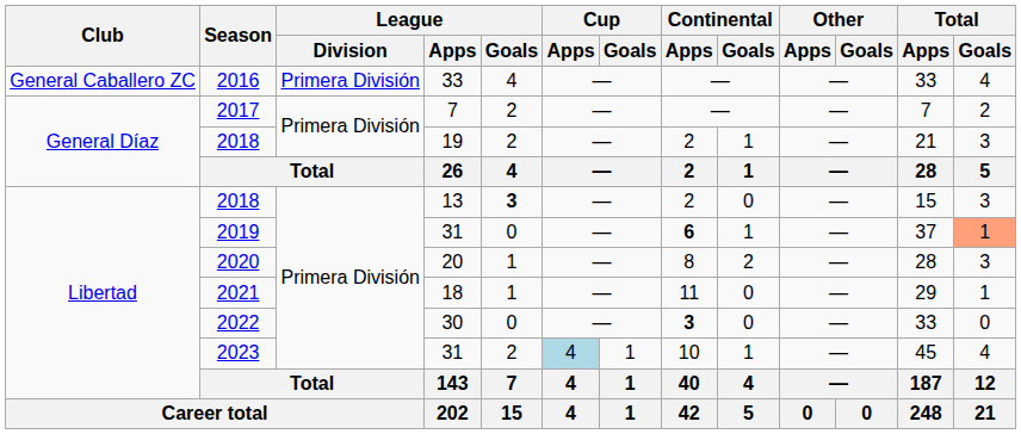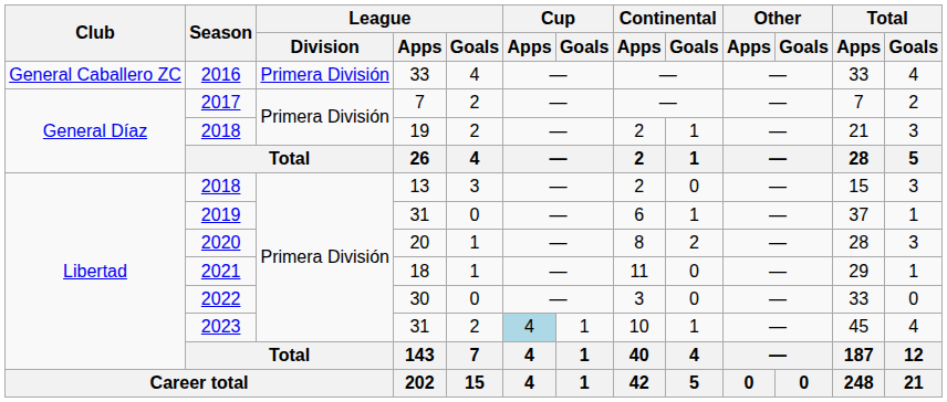 <table class="wikitable" style="text-align: center;">
 <tr>
 <th rowspan="2">Club</th>
 <th rowspan="2">Season</th>
 <th colspan="3">League</th>
 <th colspan="2">Cup</th>
 <th colspan="2">Continental</th>
 <th colspan="2">Other</th>
 <th colspan="2">Total</th>
 </tr>
 <tr>
 <th>Division</th>
 <th>Apps</th>
 <th>Goals</th>
 <th>Apps</th>
 <th>Goals</th>
 <th>Apps</th>
 <th>Goals</th>
 <th>Apps</th>
 <th>Goals</th>
 <th>Apps</th>
 <th>Goals</th>
 </tr>
 <tr>
 <td><a href='#'>General Caballero ZC</a></td>
 <td><a href='#'>2016</a></td>
 <td><a href='#'>Primera División</a></td>
 <td>33</td>
 <td>4</td>
 <td colspan="2">—</td>
 <td colspan="2">—</td>
 <td colspan="2">—</td>
 <td>33</td>
 <td>4</td>
 </tr>
 <tr>
 <td rowspan="3"><a href='#'>General Díaz</a></td>
 <td><a href='#'>2017</a></td>
 <td rowspan="2">Primera División</td>
 <td>7</td>
 <td>2</td>
 <td colspan="2">—</td>
 <td colspan="2">—</td>
 <td colspan="2">—</td>
 <td>7</td>
 <td>2</td>
 </tr>
 <tr>
 <td><a href='#'>2018</a></td>
 <td>19</td>
 <td>2</td>
 <td colspan="2">—</td>
 <td>2</td>
 <td>1</td>
 <td colspan="2">—</td>
 <td>21</td>
 <td>3</td>
 </tr>
 <tr>
 <th colspan="2">Total</th>
 <th>26</th>
 <th>4</th>
 <th colspan="2">—</th>
 <th>2</th>
 <th>1</th>
 <th colspan="2">—</th>
 <th>28</th>
 <th>5</th>
 </tr>
 <tr>
 <td rowspan="7"><a href='#'>Libertad</a></td>
 <td><a href='#'>2018</a></td>
 <td rowspan="6">Primera División</td>
 <td>13</td>
-<td><strong>3</strong></td>
+<td>3</td>
 <td colspan="2">—</td>
 <td>2</td>
 <td>0</td>
 <td colspan="2">—</td>
 <td>15</td>
 <td>3</td>
 </tr>
 <tr>
 <td><a href='#'>2019</a></td>
 <td>31</td>
 <td>0</td>
 <td colspan="2">—</td>
-<td><strong>6</strong></td>
+<td>6</td>
 <td>1</td>
 <td colspan="2">—</td>
 <td>37</td>
-<td style="background: lightsalmon;">1</td>
+<td>1</td>
 </tr>
 <tr>
 <td><a href='#'>2020</a></td>
 <td>20</td>
 <td>1</td>
 <td colspan="2">—</td>
 <td>8</td>
 <td>2</td>
 <td colspan="2">—</td>
 <td>28</td>
 <td>3</td>
 </tr>
 <tr>
 <td><a href='#'>2021</a></td>
 <td>18</td>
 <td>1</td>
 <td colspan="2">—</td>
 <td>11</td>
 <td>0</td>
 <td colspan="2">—</td>
 <td>29</td>
 <td>1</td>
 </tr>
 <tr>
 <td><a href='#'>2022</a></td>
 <td>30</td>
 <td>0</td>
 <td colspan="2">—</td>
-<td><strong>3</strong></td>
+<td>3</td>
 <td>0</td>
 <td colspan="2">—</td>
 <td>33</td>
 <td>0</td>
 </tr>
 <tr>
 <td><a href='#'>2023</a></td>
 <td>31</td>
 <td>2</td>
 <td style="background: lightblue;">4</td>
 <td>1</td>
 <td>10</td>
 <td>1</td>
 <td colspan="2">—</td>
 <td>45</td>
 <td>4</td>
 </tr>
 <tr>
 <th colspan="2">Total</th>
 <th>143</th>
 <th>7</th>
 <th>4</th>
 <th>1</th>
 <th>40</th>
 <th>4</th>
 <th colspan="2">—</th>
 <th>187</th>
 <th>12</th>
 </tr>
 <tr>
 <th colspan="3">Career total</th>
 <th>202</th>
 <th>15</th>
 <th>4</th>
 <th>1</th>
 <th>42</th>
 <th>5</th>
 <th>0</th>
 <th>0</th>
 <th>248</th>
 <th>21</th>
 </tr>
 </table>
